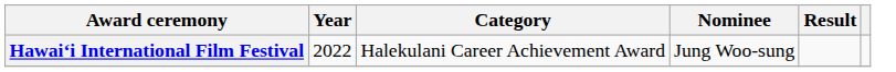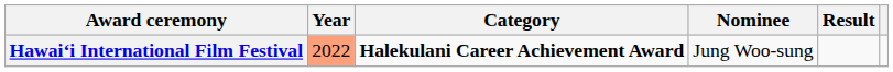 <table class="wikitable plainrowheaders sortable">
 <tr>
 <th scope="col">Award ceremony</th>
 <th scope="col">Year</th>
 <th scope="col">Category</th>
 <th scope="col">Nominee</th>
 <th scope="col">Result</th>
 <th scope="col" class="unsortable"></th>
 </tr>
 <tr>
 <th scope="row"  rowspan="1"><a href='#'>Hawaiʻi International Film Festival</a></th>
-<td style="text-align:center" rowspan="1">2022</td>
-<td>Halekulani Career Achievement Award</td>
+<td style="background: lightsalmon; text-align:center" rowspan="1">2022</td>
+<td><strong>Halekulani Career Achievement Award</strong></td>
 <td>Jung Woo-sung</td>
 <td></td>
 <td style="text-align:center"></td>
 </tr>
 <tr>
 </tr>
 </table>
